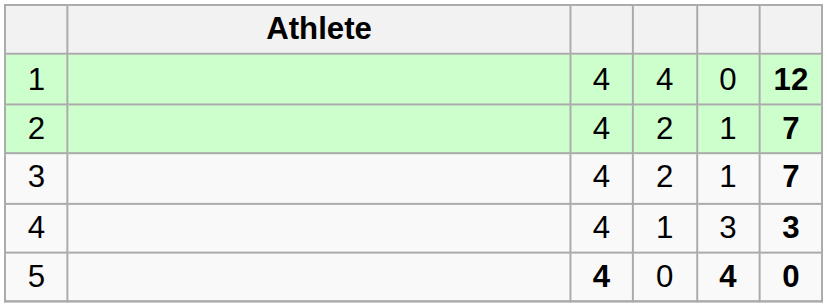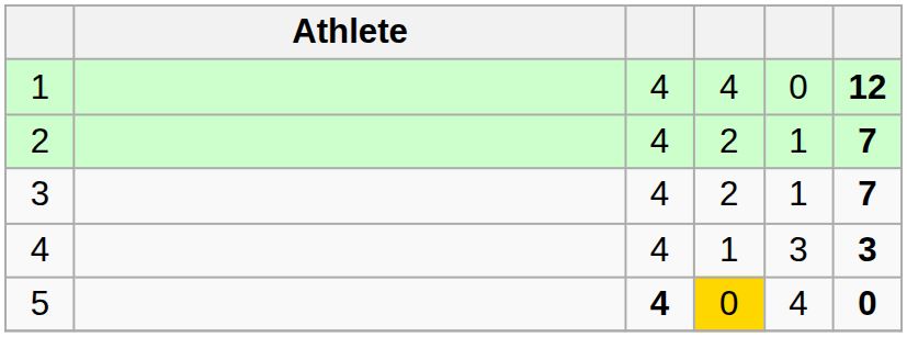 <table class="wikitable" style="text-align: center; font-size:100% ">
 <tr>
 <th width=25></th>
 <th width=250>Athlete</th>
 <th width=25></th>
 <th width=25></th>
 <th width=25></th>
 <th width=25></th>
 </tr>
 <tr bgcolor="ccffcc">
 <td>1</td>
 <td align=left></td>
 <td>4</td>
 <td>4</td>
 <td>0</td>
 <td><strong>12</strong></td>
 </tr>
 <tr bgcolor="ccffcc">
 <td>2</td>
 <td align=left></td>
 <td>4</td>
 <td>2</td>
 <td>1</td>
 <td><strong>7</strong></td>
 </tr>
 <tr>
 <td>3</td>
 <td align=left></td>
 <td>4</td>
 <td>2</td>
 <td>1</td>
 <td><strong>7</strong></td>
 </tr>
 <tr>
 <td>4</td>
 <td align=left></td>
 <td>4</td>
 <td>1</td>
 <td>3</td>
 <td><strong>3</strong></td>
 </tr>
 <tr>
 <td>5</td>
 <td align=left></td>
 <td><strong>4</strong></td>
-<td>0</td>
-<td><strong>4</strong></td>
+<td style="background: gold;">0</td>
+<td>4</td>
 <td><strong>0</strong></td>
 </tr>
 <tr>
 </tr>
 </table>
